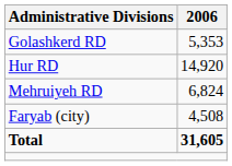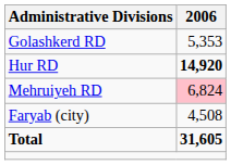 <table class="wikitable">
 <tr>
 <th>Administrative Divisions</th>
 <th>2006</th>
 </tr>
 <tr>
 <td><a href='#'>Golashkerd RD</a></td>
 <td style="text-align: right;">5,353</td>
 </tr>
 <tr>
 <td><a href='#'>Hur RD</a></td>
-<td style="text-align: right;">14,920</td>
+<td style="text-align: right;"><strong>14,920</strong></td>
 </tr>
 <tr>
 <td><a href='#'>Mehruiyeh RD</a></td>
-<td style="text-align: right;">6,824</td>
+<td style="background: pink; text-align: right;">6,824</td>
 </tr>
 <tr>
 <td><a href='#'>Faryab</a> (city)</td>
 <td style="text-align: right;">4,508</td>
 </tr>
 <tr>
 <td><strong>Total</strong></td>
 <td style="text-align: right;"><strong>31,605</strong></td>
 </tr>
 <tr>
 <td colspan=4></td>
 </tr>
 </table>
